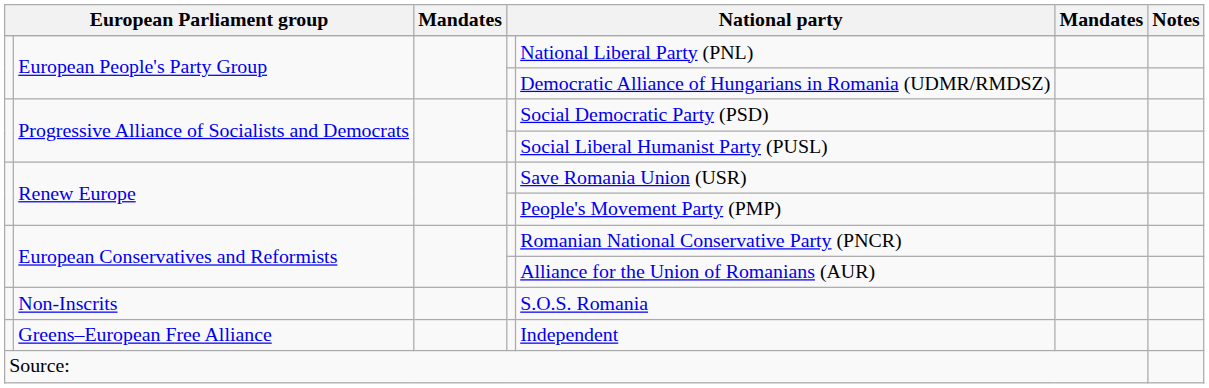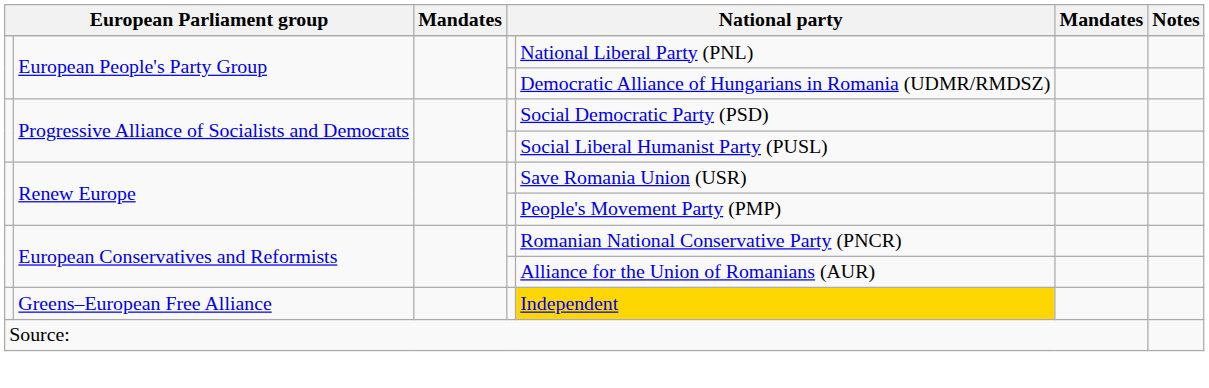 <table class="wikitable">
 <tr>
 <th colspan="2">European Parliament group</th>
 <th>Mandates</th>
 <th colspan="2">National party</th>
 <th>Mandates</th>
 <th>Notes</th>
 </tr>
 <tr>
 </tr>
 <tr>
 <td rowspan="2" style="background:"></td>
 <td rowspan="2"><a href='#'>European People's Party Group</a></td>
 <td rowspan="2"></td>
 <td style="background:"></td>
 <td><a href='#'>National Liberal Party</a> (PNL)</td>
 <td></td>
 <td align="center"></td>
 </tr>
 <tr>
 <td style="background:"></td>
 <td><a href='#'>Democratic Alliance of Hungarians in Romania</a> (UDMR/RMDSZ)</td>
 <td></td>
 <td align="center"></td>
 </tr>
 <tr>
 <td rowspan="2" style="background:"></td>
 <td rowspan="2"><a href='#'>Progressive Alliance of Socialists and Democrats</a></td>
 <td rowspan="2"></td>
 <td style="background:"></td>
 <td><a href='#'>Social Democratic Party</a> (PSD)</td>
 <td></td>
 <td align="center"></td>
 </tr>
 <tr>
 <td style="background:"></td>
 <td><a href='#'>Social Liberal Humanist Party</a> (PUSL)</td>
 <td></td>
 <td align="center"></td>
 </tr>
 <tr>
 <td rowspan="2" style="background:"></td>
 <td rowspan="2"><a href='#'>Renew Europe</a></td>
 <td rowspan="2"></td>
 <td style="background:"></td>
 <td><a href='#'>Save Romania Union</a> (USR)</td>
 <td></td>
 <td align="center"></td>
 </tr>
 <tr>
 <td style="background:"></td>
 <td><a href='#'>People's Movement Party</a> (PMP)</td>
 <td></td>
 <td align="center"></td>
 </tr>
 <tr>
 <td rowspan="2" style="background:"></td>
 <td rowspan="2"><a href='#'>European Conservatives and Reformists</a></td>
 <td rowspan="2"></td>
 <td style="background:"></td>
 <td><a href='#'>Romanian National Conservative Party</a> (PNCR)</td>
 <td></td>
 <td align="center"></td>
 </tr>
 <tr>
 <td style="background:"></td>
 <td><a href='#'>Alliance for the Union of Romanians</a> (AUR)</td>
 <td></td>
 <td align="center"></td>
 </tr>
 <tr>
 <td style="background:"></td>
-<td><a href='#'>Non-Inscrits</a></td>
-<td></td>
-<td style="background:"></td>
-<td><a href='#'>S.O.S. Romania</a></td>
-<td></td>
-<td align="center"></td>
-</tr>
-<tr>
-<td style="background:"></td>
 <td><a href='#'>Greens–European Free Alliance</a></td>
 <td></td>
 <td style="background:"></td>
-<td><a href='#'>Independent</a></td>
+<td style="background: gold;"><a href='#'>Independent</a></td>
 <td></td>
 <td align="center"></td>
 </tr>
 <tr>
 <td colspan="6">Source: </td>
 </tr>
 </table>
